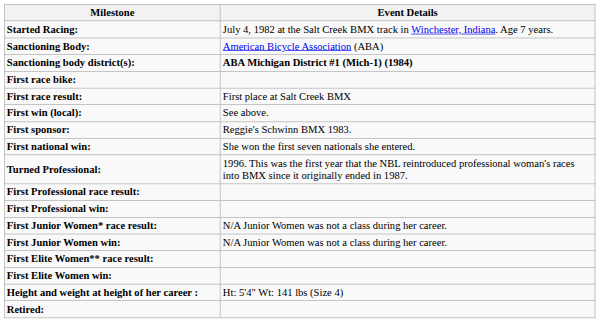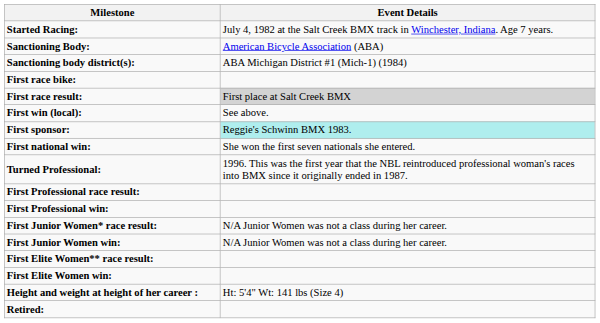 <table class="sortable wikitable">
 <tr>
 <th style="width:20em">Milestone</th>
 <th style="width:35em">Event Details</th>
 </tr>
 <tr>
 <td><strong>Started Racing:</strong></td>
 <td>July 4, 1982 at the Salt Creek BMX track in <a href='#'>Winchester, Indiana</a>. Age 7 years.</td>
 </tr>
 <tr>
 <td><strong>Sanctioning Body:</strong></td>
 <td><a href='#'>American Bicycle Association</a> (ABA)</td>
 </tr>
 <tr>
 <td><strong>Sanctioning body district(s):</strong></td>
-<td><strong>ABA Michigan District #1 (Mich-1) (1984)</strong></td>
+<td>ABA Michigan District #1 (Mich-1) (1984)</td>
 </tr>
 <tr>
 <td><strong>First race bike:</strong></td>
 <td></td>
 </tr>
 <tr>
 <td><strong>First race result:</strong></td>
-<td>First place at Salt Creek BMX</td>
+<td style="background: lightgrey;">First place at Salt Creek BMX</td>
 </tr>
 <tr>
 <td><strong>First win (local):</strong></td>
 <td>See above.</td>
 </tr>
 <tr>
 <td><strong>First sponsor:</strong></td>
-<td>Reggie's Schwinn BMX 1983.</td>
+<td style="background: paleturquoise;">Reggie's Schwinn BMX 1983.</td>
 </tr>
 <tr>
 <td><strong>First national win:</strong></td>
 <td>She won the first seven nationals she entered.</td>
 </tr>
 <tr>
 <td><strong>Turned Professional:</strong></td>
 <td>1996. This was the first year that the NBL reintroduced professional woman's races into BMX since it originally ended in 1987.</td>
 </tr>
 <tr>
 <td><strong>First Professional race result:</strong></td>
 <td></td>
 </tr>
 <tr>
 <td><strong>First Professional win:</strong></td>
 <td></td>
 </tr>
 <tr>
 <td><strong>First Junior Women* race result:</strong></td>
 <td>N/A Junior Women was not a class during her career.</td>
 </tr>
 <tr>
 <td><strong>First Junior Women win:</strong></td>
 <td>N/A Junior Women was not a class during her career.</td>
 </tr>
 <tr>
 <td><strong>First Elite Women** race result:</strong></td>
 <td></td>
 </tr>
 <tr>
 <td><strong>First Elite Women win:</strong></td>
 <td></td>
 </tr>
 <tr>
 <td><strong>Height and weight at height of her career :</strong></td>
 <td>Ht: 5'4" Wt: 141 lbs (Size 4)</td>
 </tr>
 <tr>
 <td><strong>Retired:</strong></td>
 <td></td>
 </tr>
 </table>
